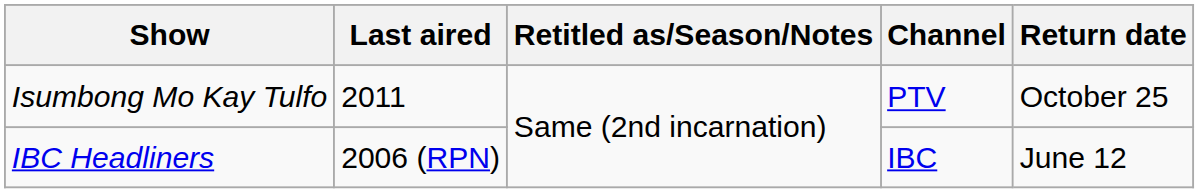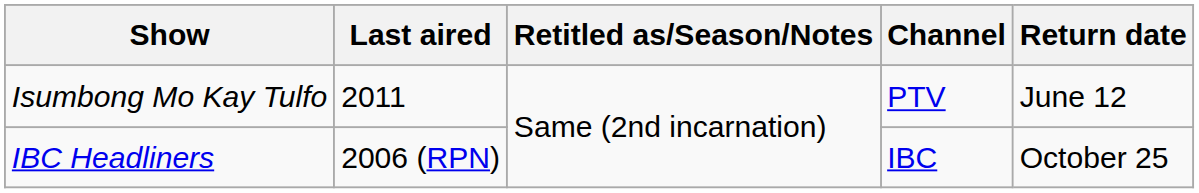 <table class="wikitable" style="text-align:left; line-height:25px; width:auto;">
 <tr>
 <th>Show</th>
 <th>Last aired</th>
 <th>Retitled as/Season/Notes</th>
 <th>Channel</th>
 <th>Return date</th>
 </tr>
 <tr>
 <td><em>Isumbong Mo Kay Tulfo</em></td>
 <td>2011</td>
 <td rowspan="2">Same (2nd incarnation)</td>
 <td><a href='#'>PTV</a></td>
-<td>October 25</td>
+<td>June 12</td>
 </tr>
 <tr>
 <td><em><a href='#'>IBC Headliners</a></em></td>
 <td>2006 (<a href='#'>RPN</a>)</td>
 <td><a href='#'>IBC</a></td>
-<td>June 12</td>
+<td>October 25</td>
 </tr>
 </table>
